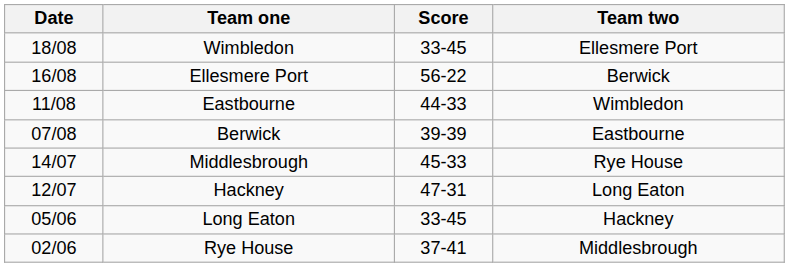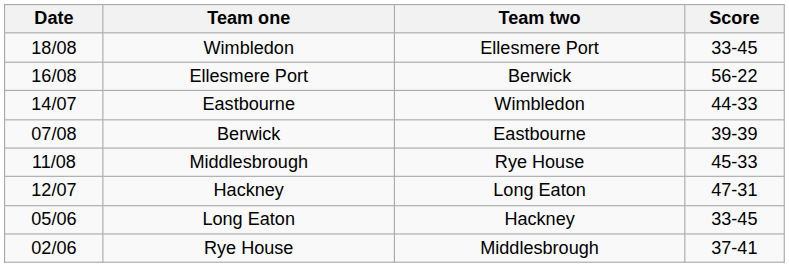 <table class="wikitable" style="text-align: center">
 <tr>
 <th width=80>Date</th>
 <th width=250>Team one</th>
+<th width=250>Team two</th>
 <th width=80>Score</th>
-<th width=250>Team two</th>
 </tr>
 <tr>
 <td>18/08</td>
 <td>Wimbledon</td>
+<td>Ellesmere Port</td>
 <td>33-45</td>
-<td>Ellesmere Port</td>
 </tr>
 <tr>
 <td>16/08</td>
 <td>Ellesmere Port</td>
+<td>Berwick</td>
 <td>56-22</td>
-<td>Berwick</td>
 </tr>
 <tr>
-<td>11/08</td>
+<td>14/07</td>
 <td>Eastbourne</td>
+<td>Wimbledon</td>
 <td>44-33</td>
-<td>Wimbledon</td>
 </tr>
 <tr>
 <td>07/08</td>
 <td>Berwick</td>
+<td>Eastbourne</td>
 <td>39-39</td>
-<td>Eastbourne</td>
 </tr>
 <tr>
-<td>14/07</td>
+<td>11/08</td>
 <td>Middlesbrough</td>
+<td>Rye House</td>
 <td>45-33</td>
-<td>Rye House</td>
 </tr>
 <tr>
 <td>12/07</td>
 <td>Hackney</td>
+<td>Long Eaton</td>
 <td>47-31</td>
-<td>Long Eaton</td>
 </tr>
 <tr>
 <td>05/06</td>
 <td>Long Eaton</td>
+<td>Hackney</td>
 <td>33-45</td>
-<td>Hackney</td>
 </tr>
 <tr>
 <td>02/06</td>
 <td>Rye House</td>
+<td>Middlesbrough</td>
 <td>37-41</td>
-<td>Middlesbrough</td>
 </tr>
 </table>
